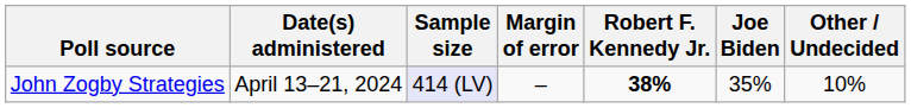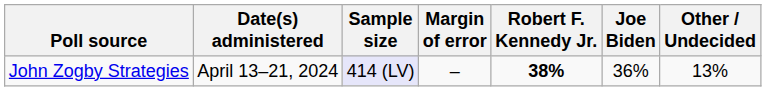 <table class="wikitable sortable mw-datatable" style="font-size:90%;text-align:center;line-height:17px">
 <tr valign=bottom>
 <th>Poll source</th>
 <th>Date(s)<br>administered</th>
 <th>Sample<br>size</th>
 <th>Margin<br>of error</th>
 <th class="unsortable">Robert F.<br>Kennedy Jr.<br></th>
 <th class="unsortable">Joe<br>Biden<br></th>
 <th class="unsortable">Other /<br>Undecided</th>
 </tr>
 <tr>
 <td style="text-align:left;"><a href='#'>John Zogby Strategies</a></td>
 <td data-sort-value="2024-05-01">April 13–21, 2024</td>
 <td style="background: lavender;">414 (LV)</td>
 <td>–</td>
 <td style="background-color:"><strong>38%</strong></td>
-<td>35%</td>
-<td>10%</td>
+<td>36%</td>
+<td>13%</td>
 </tr>
 </table>
